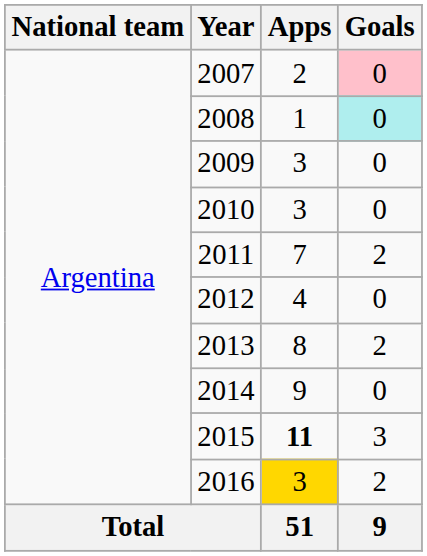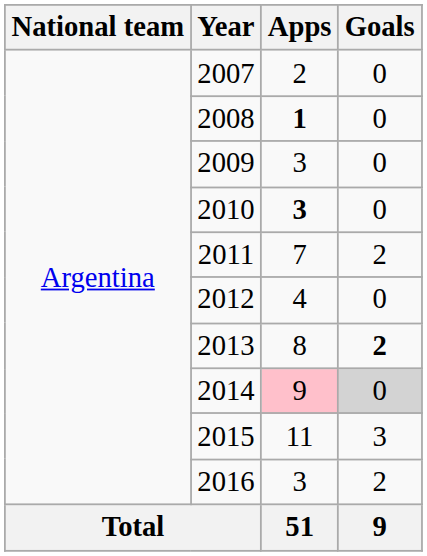 <table class="wikitable" style="text-align:center">
 <tr>
 <th>National team</th>
 <th>Year</th>
 <th>Apps</th>
 <th>Goals</th>
 </tr>
 <tr>
 <td rowspan="10"><a href='#'>Argentina</a></td>
 <td>2007</td>
 <td>2</td>
-<td style="background: pink;">0</td>
+<td>0</td>
 </tr>
 <tr>
 <td>2008</td>
-<td>1</td>
-<td style="background: paleturquoise;">0</td>
+<td><strong>1</strong></td>
+<td>0</td>
 </tr>
 <tr>
 <td>2009</td>
 <td>3</td>
 <td>0</td>
 </tr>
 <tr>
 <td>2010</td>
-<td>3</td>
+<td><strong>3</strong></td>
 <td>0</td>
 </tr>
 <tr>
 <td>2011</td>
 <td>7</td>
 <td>2</td>
 </tr>
 <tr>
 <td>2012</td>
 <td>4</td>
 <td>0</td>
 </tr>
 <tr>
 <td>2013</td>
 <td>8</td>
-<td>2</td>
+<td><strong>2</strong></td>
 </tr>
 <tr>
 <td>2014</td>
-<td>9</td>
-<td>0</td>
+<td style="background: pink;">9</td>
+<td style="background: lightgrey;">0</td>
 </tr>
 <tr>
 <td>2015</td>
-<td><strong>11</strong></td>
+<td>11</td>
 <td>3</td>
 </tr>
 <tr>
 <td>2016</td>
-<td style="background: gold;">3</td>
+<td>3</td>
 <td>2</td>
 </tr>
 <tr>
 <th colspan="2">Total</th>
 <th>51</th>
 <th>9</th>
 </tr>
 </table>
